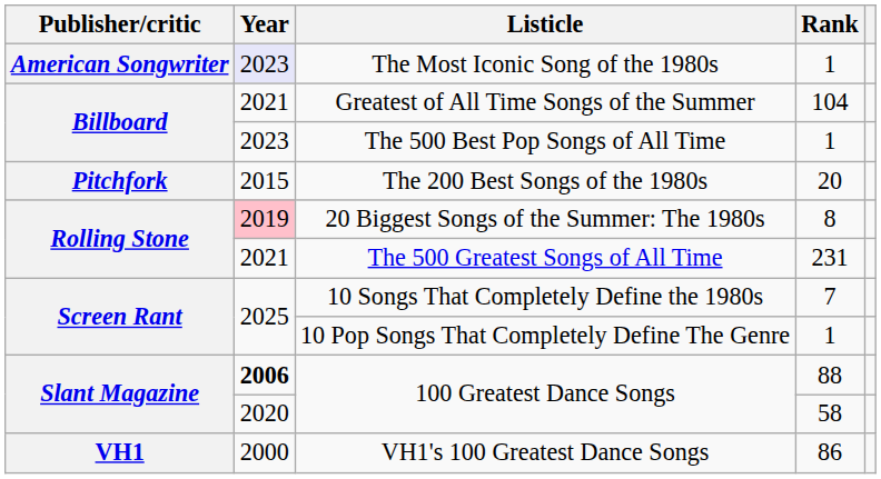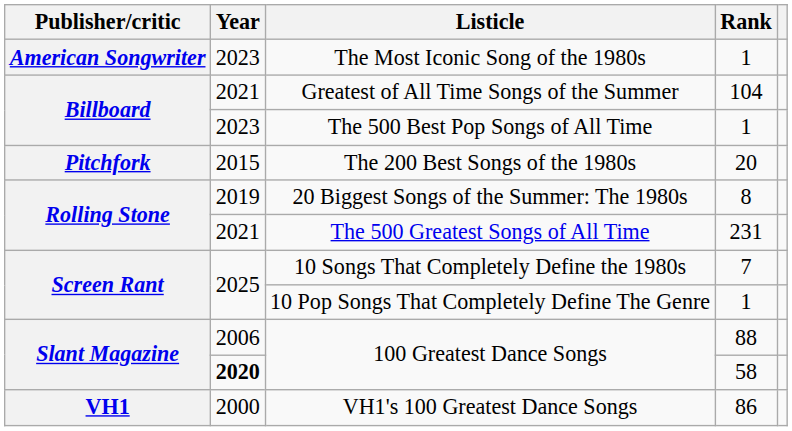 <table class="wikitable plainrowheaders sortable" style="text-align:center">
 <tr>
 <th scope="col">Publisher/critic</th>
 <th scope="col">Year</th>
 <th scope="col">Listicle</th>
 <th scope="col">Rank</th>
 <th class="unsortable"></th>
 </tr>
 <tr>
 <th scope="row"><em><a href='#'>American Songwriter</a></em></th>
-<td style="background: lavender;">2023</td>
+<td>2023</td>
 <td>The Most Iconic Song of the 1980s</td>
 <td>1</td>
 <td></td>
 </tr>
 <tr>
 <th rowspan="2" scope="row"><em><a href='#'>Billboard</a></em></th>
 <td>2021</td>
 <td>Greatest of All Time Songs of the Summer</td>
 <td>104</td>
 <td></td>
 </tr>
 <tr>
 <td>2023</td>
 <td>The 500 Best Pop Songs of All Time</td>
 <td>1</td>
 <td></td>
 </tr>
 <tr>
 <th scope="row"><em><a href='#'>Pitchfork</a></em></th>
 <td>2015</td>
 <td>The 200 Best Songs of the 1980s</td>
 <td>20</td>
 <td></td>
 </tr>
 <tr>
 <th rowspan="2" scope="row"><em><a href='#'>Rolling Stone</a></em></th>
-<td style="background: pink;">2019</td>
+<td>2019</td>
 <td>20 Biggest Songs of the Summer: The 1980s</td>
 <td>8</td>
 <td></td>
 </tr>
 <tr>
 <td>2021</td>
 <td><a href='#'>The 500 Greatest Songs of All Time</a></td>
 <td>231</td>
 <td></td>
 </tr>
 <tr>
 <th scope="row" rowspan="2"><em><a href='#'>Screen Rant</a></em></th>
 <td rowspan="2">2025</td>
 <td>10 Songs That Completely Define the 1980s</td>
 <td>7</td>
 <td></td>
 </tr>
 <tr>
 <td>10 Pop Songs That Completely Define The Genre</td>
 <td>1</td>
 <td></td>
 </tr>
 <tr>
 <th scope="row" rowspan="2"><em><a href='#'>Slant Magazine</a></em></th>
-<td><strong>2006</strong></td>
+<td>2006</td>
 <td rowspan="2">100 Greatest Dance Songs</td>
 <td>88</td>
 <td></td>
 </tr>
 <tr>
-<td>2020</td>
+<td><strong>2020</strong></td>
 <td>58</td>
 <td></td>
 </tr>
 <tr>
 <th scope="row"><a href='#'>VH1</a></th>
 <td>2000</td>
 <td>VH1's 100 Greatest Dance Songs</td>
 <td>86</td>
 <td></td>
 </tr>
 </table>
